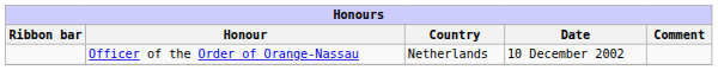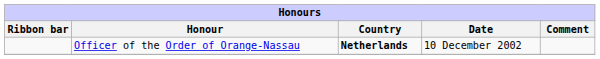 <table class="wikitable" style="width:60%;">
 <tr style="background:#ccf; text-align:center;">
 <td colspan=5><strong>Honours</strong></td>
 </tr>
 <tr>
 <th style="width:80px;">Ribbon bar</th>
 <th>Honour</th>
 <th>Country</th>
 <th>Date</th>
 <th>Comment</th>
 </tr>
 <tr>
 <td></td>
 <td><a href='#'>Officer</a> of the <a href='#'>Order of Orange-Nassau</a></td>
-<td>Netherlands</td>
+<td><strong>Netherlands</strong></td>
 <td>10 December 2002</td>
 <td></td>
 </tr>
 <tr>
 </tr>
 </table>
